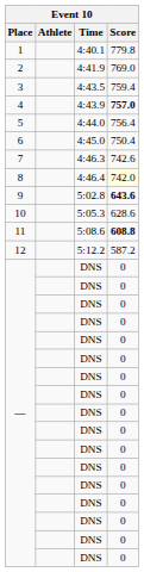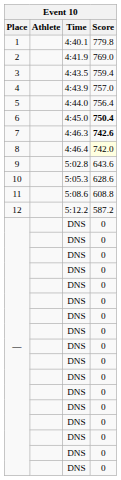 <table class=wikitable style="font-size:90%">
 <tr>
 <th colspan=4><strong>Event 10</strong></th>
 </tr>
 <tr>
 <th>Place</th>
 <th>Athlete</th>
 <th>Time</th>
 <th>Score</th>
 </tr>
 <tr align=center>
 <td>1</td>
 <td align=left></td>
 <td>4:40.1</td>
 <td>779.8</td>
 </tr>
 <tr align=center>
 <td>2</td>
 <td align=left></td>
 <td>4:41.9</td>
 <td>769.0</td>
 </tr>
 <tr align=center>
 <td>3</td>
 <td align=left></td>
 <td>4:43.5</td>
 <td>759.4</td>
 </tr>
 <tr align=center>
 <td>4</td>
 <td align=left></td>
 <td>4:43.9</td>
-<td><strong>757.0</strong></td>
+<td>757.0</td>
 </tr>
 <tr align=center>
 <td>5</td>
 <td align=left></td>
 <td>4:44.0</td>
 <td>756.4</td>
 </tr>
 <tr align=center>
 <td>6</td>
 <td align=left></td>
 <td>4:45.0</td>
-<td>750.4</td>
+<td><strong>750.4</strong></td>
 </tr>
 <tr align=center>
 <td>7</td>
 <td align=left></td>
 <td>4:46.3</td>
-<td>742.6</td>
+<td><strong>742.6</strong></td>
 </tr>
 <tr align=center>
 <td>8</td>
 <td align=left></td>
 <td>4:46.4</td>
 <td style="background: lightyellow;">742.0</td>
 </tr>
 <tr align=center>
 <td>9</td>
 <td align=left></td>
 <td>5:02.8</td>
-<td><strong>643.6</strong></td>
+<td>643.6</td>
 </tr>
 <tr align=center>
 <td>10</td>
 <td align=left></td>
 <td>5:05.3</td>
 <td>628.6</td>
 </tr>
 <tr align=center>
 <td>11</td>
 <td align=left></td>
 <td>5:08.6</td>
-<td><strong>608.8</strong></td>
+<td>608.8</td>
 </tr>
 <tr align=center>
 <td>12</td>
 <td align=left></td>
 <td>5:12.2</td>
 <td>587.2</td>
 </tr>
 <tr align=center>
 <td rowspan=17>—</td>
 <td align=left></td>
 <td>DNS</td>
 <td>0</td>
 </tr>
 <tr align=center>
 <td align=left></td>
 <td>DNS</td>
 <td>0</td>
 </tr>
 <tr align=center>
 <td align=left></td>
 <td>DNS</td>
 <td>0</td>
 </tr>
 <tr align=center>
 <td align=left></td>
 <td>DNS</td>
 <td>0</td>
 </tr>
 <tr align=center>
 <td align=left></td>
 <td>DNS</td>
 <td>0</td>
 </tr>
 <tr align=center>
 <td align=left></td>
 <td>DNS</td>
 <td>0</td>
 </tr>
 <tr align=center>
 <td align=left></td>
 <td>DNS</td>
 <td>0</td>
 </tr>
 <tr align=center>
 <td align=left></td>
 <td>DNS</td>
 <td>0</td>
 </tr>
 <tr align=center>
 <td align=left></td>
 <td>DNS</td>
 <td>0</td>
 </tr>
 <tr align=center>
 <td align=left></td>
 <td>DNS</td>
 <td>0</td>
 </tr>
 <tr align=center>
 <td align=left></td>
 <td>DNS</td>
 <td>0</td>
 </tr>
 <tr align=center>
 <td align=left></td>
 <td>DNS</td>
 <td>0</td>
 </tr>
 <tr align=center>
 <td align=left></td>
 <td>DNS</td>
 <td>0</td>
 </tr>
 <tr align=center>
 <td align=left></td>
 <td>DNS</td>
 <td>0</td>
 </tr>
 <tr align=center>
 <td align=left></td>
 <td>DNS</td>
 <td>0</td>
 </tr>
 <tr align=center>
 <td align=left></td>
 <td>DNS</td>
 <td>0</td>
 </tr>
 <tr align=center>
 <td align=left></td>
 <td>DNS</td>
 <td>0</td>
 </tr>
 </table>
